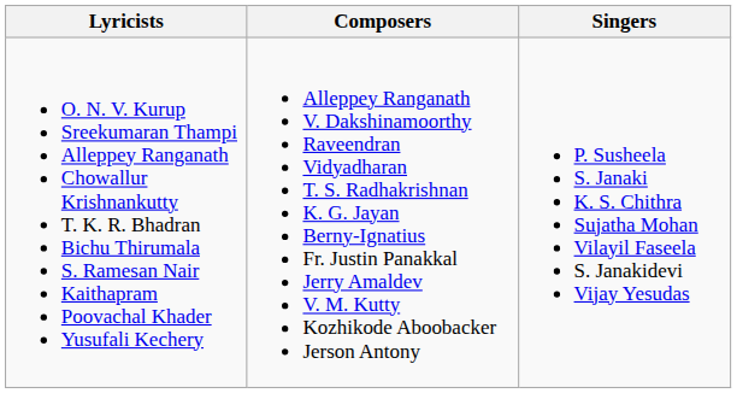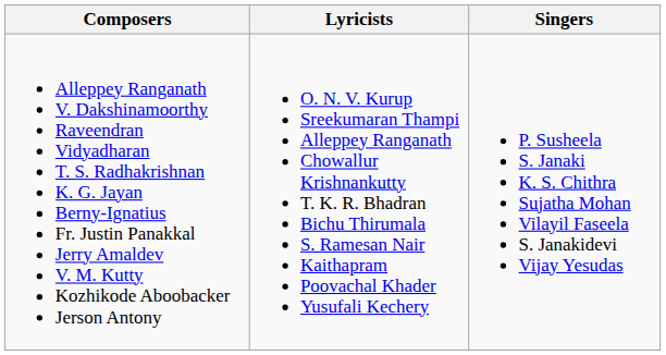 <table class="wikitable plainrowheaders" style="width:45%; text-align=center">
 <tr>
+<th scope="col" style="width:15%;">Composers</th>
 <th scope="col" style="width:15%;">Lyricists</th>
-<th scope="col" style="width:15%;">Composers</th>
 <th scope="col" style="width:15%;">Singers</th>
 </tr>
 <tr>
+<td><br><ul><li><a href='#'>Alleppey Ranganath</a></li><li><a href='#'>V. Dakshinamoorthy</a></li><li><a href='#'>Raveendran</a></li><li><a href='#'>Vidyadharan</a></li><li><a href='#'>T. S. Radhakrishnan</a></li><li><a href='#'>K. G. Jayan</a></li><li><a href='#'>Berny-Ignatius</a></li><li>Fr. Justin Panakkal</li><li><a href='#'>Jerry Amaldev</a></li><li><a href='#'>V. M. Kutty</a></li><li>Kozhikode Aboobacker</li><li>Jerson Antony</li></ul></td>
 <td><br><ul><li><a href='#'>O. N. V. Kurup</a></li><li><a href='#'>Sreekumaran Thampi</a></li><li><a href='#'>Alleppey Ranganath</a></li><li><a href='#'>Chowallur Krishnankutty</a></li><li>T. K. R. Bhadran</li><li><a href='#'>Bichu Thirumala</a></li><li><a href='#'>S. Ramesan Nair</a></li><li><a href='#'>Kaithapram</a></li><li><a href='#'>Poovachal Khader</a></li><li><a href='#'>Yusufali Kechery</a></li></ul></td>
-<td><br><ul><li><a href='#'>Alleppey Ranganath</a></li><li><a href='#'>V. Dakshinamoorthy</a></li><li><a href='#'>Raveendran</a></li><li><a href='#'>Vidyadharan</a></li><li><a href='#'>T. S. Radhakrishnan</a></li><li><a href='#'>K. G. Jayan</a></li><li><a href='#'>Berny-Ignatius</a></li><li>Fr. Justin Panakkal</li><li><a href='#'>Jerry Amaldev</a></li><li><a href='#'>V. M. Kutty</a></li><li>Kozhikode Aboobacker</li><li>Jerson Antony</li></ul></td>
 <td><br><ul><li><a href='#'>P. Susheela</a></li><li><a href='#'>S. Janaki</a></li><li><a href='#'>K. S. Chithra</a></li><li><a href='#'>Sujatha Mohan</a></li><li><a href='#'>Vilayil Faseela</a></li><li>S. Janakidevi</li><li><a href='#'>Vijay Yesudas</a></li></ul></td>
 </tr>
 </table>
